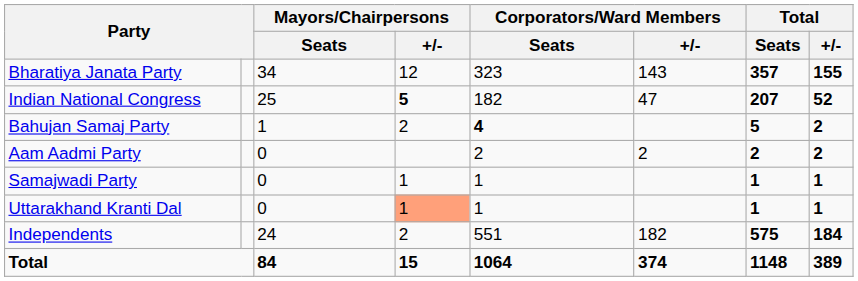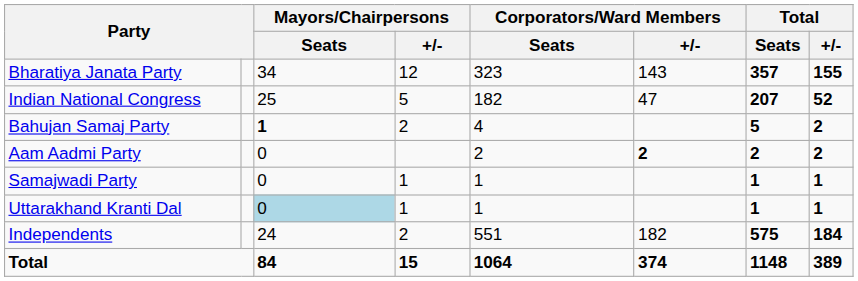 <table style="width:40%; border:2px black; font-size:x-big; font-family:arial;" class="wikitable sortable">
 <tr>
 <th rowspan=2; colspan=2>Party</th>
 <th colspan=2>Mayors/Chairpersons</th>
 <th colspan=2>Corporators/Ward Members</th>
 <th colspan=2>Total</th>
 </tr>
 <tr>
 <th>Seats</th>
 <th>+/-</th>
 <th>Seats</th>
 <th>+/-</th>
 <th>Seats</th>
 <th>+/-</th>
 </tr>
 <tr>
 <td><a href='#'>Bharatiya Janata Party</a></td>
 <td width="4px" style="background-color: "></td>
 <td>34</td>
 <td> 12</td>
 <td>323</td>
 <td> 143</td>
 <td><strong>357</strong></td>
 <td> <strong>155</strong></td>
 </tr>
 <tr>
 <td><a href='#'>Indian National Congress</a></td>
 <td width="4px" style="background-color: "></td>
 <td>25</td>
-<td><strong> 5</strong></td>
+<td> 5</td>
 <td>182</td>
 <td> 47</td>
 <td><strong>207</strong></td>
 <td> <strong>52</strong></td>
 </tr>
 <tr>
 <td><a href='#'>Bahujan Samaj Party</a></td>
 <td width="4px" style="background-color: "></td>
-<td>1</td>
+<td><strong>1</strong></td>
 <td> 2</td>
-<td><strong>4</strong></td>
+<td>4</td>
 <td></td>
 <td><strong>5</strong></td>
 <td> <strong>2</strong></td>
 </tr>
 <tr>
 <td><a href='#'>Aam Aadmi Party</a></td>
 <td width="4px" style="background-color: "></td>
 <td>0</td>
 <td></td>
 <td>2</td>
-<td> 2</td>
+<td><strong> 2</strong></td>
 <td><strong>2</strong></td>
 <td> <strong>2</strong></td>
 </tr>
 <tr>
 <td><a href='#'>Samajwadi Party</a></td>
 <td width="4px" style="background-color: "></td>
 <td>0</td>
 <td> 1</td>
 <td>1</td>
 <td></td>
 <td><strong>1</strong></td>
 <td> <strong>1</strong></td>
 </tr>
 <tr>
 <td><a href='#'>Uttarakhand Kranti Dal</a></td>
 <td width="4px" style="background-color: "></td>
-<td>0</td>
-<td style="background: lightsalmon;"> 1</td>
+<td style="background: lightblue;">0</td>
+<td> 1</td>
 <td>1</td>
 <td></td>
 <td><strong>1</strong></td>
 <td> <strong>1</strong></td>
 </tr>
 <tr>
 <td><a href='#'>Independents</a></td>
 <td width="4px" style="background-color: "></td>
 <td>24</td>
 <td> 2</td>
 <td>551</td>
 <td> 182</td>
 <td><strong>575</strong></td>
 <td> <strong>184</strong></td>
 </tr>
 <tr>
 <td colspan=2><strong>Total</strong></td>
 <td><strong>84</strong></td>
 <td> <strong>15</strong></td>
 <td><strong>1064</strong></td>
 <td> <strong>374</strong></td>
 <td><strong>1148</strong></td>
 <td> <strong>389</strong></td>
 </tr>
 </table>
